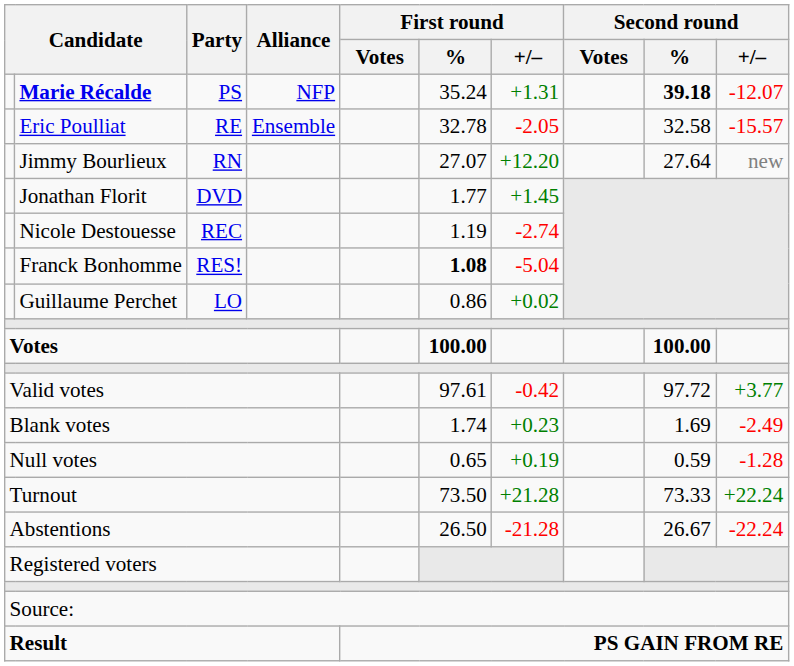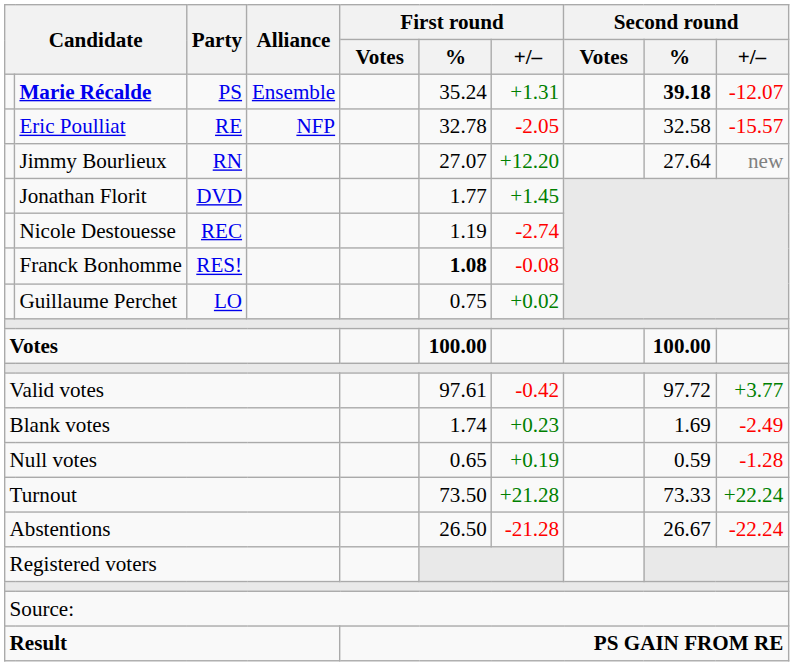 <table class="wikitable" style="text-align:right;font-size:95%;">
 <tr>
 <th rowspan="2" colspan="2">Candidate</th>
 <th colspan="1" rowspan="2">Party</th>
 <th colspan="1" rowspan="2">Alliance</th>
 <th colspan="3">First round</th>
 <th colspan="3">Second round</th>
 </tr>
 <tr>
 <th style="width:50px;">Votes</th>
 <th style="width:45px;">%</th>
 <th style="width:45px;">+/–</th>
 <th style="width:50px;">Votes</th>
 <th style="width:45px;">%</th>
 <th style="width:45px;">+/–</th>
 </tr>
 <tr>
 <td style="color:inherit;background:"></td>
 <td style="text-align:left;"><strong><a href='#'>Marie Récalde</a></strong></td>
 <td><a href='#'>PS</a></td>
-<td><a href='#'>NFP</a></td>
+<td><a href='#'>Ensemble</a></td>
 <td></td>
 <td>35.24</td>
 <td style="color:green;">+1.31</td>
 <td><strong></strong></td>
 <td><strong>39.18</strong></td>
 <td style="color:red;">-12.07</td>
 </tr>
 <tr>
 <td style="color:inherit;background:"></td>
 <td style="text-align:left;"><a href='#'>Eric Poulliat</a></td>
 <td><a href='#'>RE</a></td>
-<td><a href='#'>Ensemble</a></td>
+<td><a href='#'>NFP</a></td>
 <td></td>
 <td>32.78</td>
 <td style="color:red;">-2.05</td>
 <td></td>
 <td>32.58</td>
 <td style="color:red;">-15.57</td>
 </tr>
 <tr>
 <td style="color:inherit;background:"></td>
 <td style="text-align:left;">Jimmy Bourlieux</td>
 <td><a href='#'>RN</a></td>
 <td></td>
 <td></td>
 <td>27.07</td>
 <td style="color:green;">+12.20</td>
 <td></td>
 <td>27.64</td>
 <td style="color:grey;">new</td>
 </tr>
 <tr>
 <td style="color:inherit;background:"></td>
 <td style="text-align:left;">Jonathan Florit</td>
 <td><a href='#'>DVD</a></td>
 <td></td>
 <td></td>
 <td>1.77</td>
 <td style="color:green;">+1.45</td>
 <td colspan="3" rowspan="4" style="background:#E9E9E9;"></td>
 </tr>
 <tr>
 <td style="color:inherit;background:"></td>
 <td style="text-align:left;">Nicole Destouesse</td>
 <td><a href='#'>REC</a></td>
 <td></td>
 <td></td>
 <td>1.19</td>
 <td style="color:red;">-2.74</td>
 </tr>
 <tr>
 <td style="color:inherit;background:"></td>
 <td style="text-align:left;">Franck Bonhomme</td>
 <td><a href='#'>RES!</a></td>
 <td></td>
 <td></td>
 <td><strong>1.08</strong></td>
-<td style="color:red;">-5.04</td>
+<td style="color:red;">-0.08</td>
 </tr>
 <tr>
 <td style="color:inherit;background:"></td>
 <td style="text-align:left;">Guillaume Perchet</td>
 <td><a href='#'>LO</a></td>
 <td></td>
 <td></td>
-<td>0.86</td>
+<td>0.75</td>
 <td style="color:green;">+0.02</td>
 </tr>
 <tr>
 <td colspan="10" style="background:#E9E9E9;"></td>
 </tr>
 <tr style="font-weight:bold;">
 <td colspan="4" style="text-align:left;">Votes</td>
 <td></td>
 <td>100.00</td>
 <td></td>
 <td></td>
 <td>100.00</td>
 <td></td>
 </tr>
 <tr>
 <td colspan="10" style="background:#E9E9E9;"></td>
 </tr>
 <tr>
 <td colspan="4" style="text-align:left;">Valid votes</td>
 <td></td>
 <td>97.61</td>
 <td style="color:red;">-0.42</td>
 <td></td>
 <td>97.72</td>
 <td style="color:green;">+3.77</td>
 </tr>
 <tr>
 <td colspan="4" style="text-align:left;">Blank votes</td>
 <td></td>
 <td>1.74</td>
 <td style="color:green;">+0.23</td>
 <td></td>
 <td>1.69</td>
 <td style="color:red;">-2.49</td>
 </tr>
 <tr>
 <td colspan="4" style="text-align:left;">Null votes</td>
 <td></td>
 <td>0.65</td>
 <td style="color:green;">+0.19</td>
 <td></td>
 <td>0.59</td>
 <td style="color:red;">-1.28</td>
 </tr>
 <tr>
 <td colspan="4" style="text-align:left;">Turnout</td>
 <td></td>
 <td>73.50</td>
 <td style="color:green;">+21.28</td>
 <td></td>
 <td>73.33</td>
 <td style="color:green;">+22.24</td>
 </tr>
 <tr>
 <td colspan="4" style="text-align:left;">Abstentions</td>
 <td></td>
 <td>26.50</td>
 <td style="color:red;">-21.28</td>
 <td></td>
 <td>26.67</td>
 <td style="color:red;">-22.24</td>
 </tr>
 <tr>
 <td colspan="4" style="text-align:left;">Registered voters</td>
 <td></td>
 <td colspan="2" style="background:#E9E9E9;"></td>
 <td></td>
 <td colspan="2" style="background:#E9E9E9;"></td>
 </tr>
 <tr>
 <td colspan="10" style="background:#E9E9E9;"></td>
 </tr>
 <tr>
 <td colspan="10" style="text-align:left;">Source: </td>
 </tr>
 <tr style="font-weight:bold">
 <td colspan="4" style="text-align:left;">Result</td>
 <td colspan="6" style="background-color:">PS GAIN FROM RE</td>
 </tr>
 </table>
